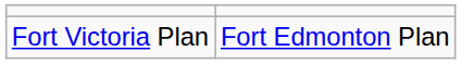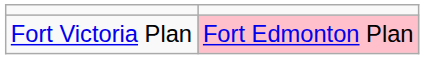 <table class="wikitable" style="margin:1em auto;">
 <tr>
 <td></td>
 <td></td>
 </tr>
 <tr>
 <td><a href='#'>Fort Victoria</a> Plan</td>
-<td><a href='#'>Fort Edmonton</a> Plan</td>
+<td style="background: pink;"><a href='#'>Fort Edmonton</a> Plan</td>
 </tr>
 </table>
